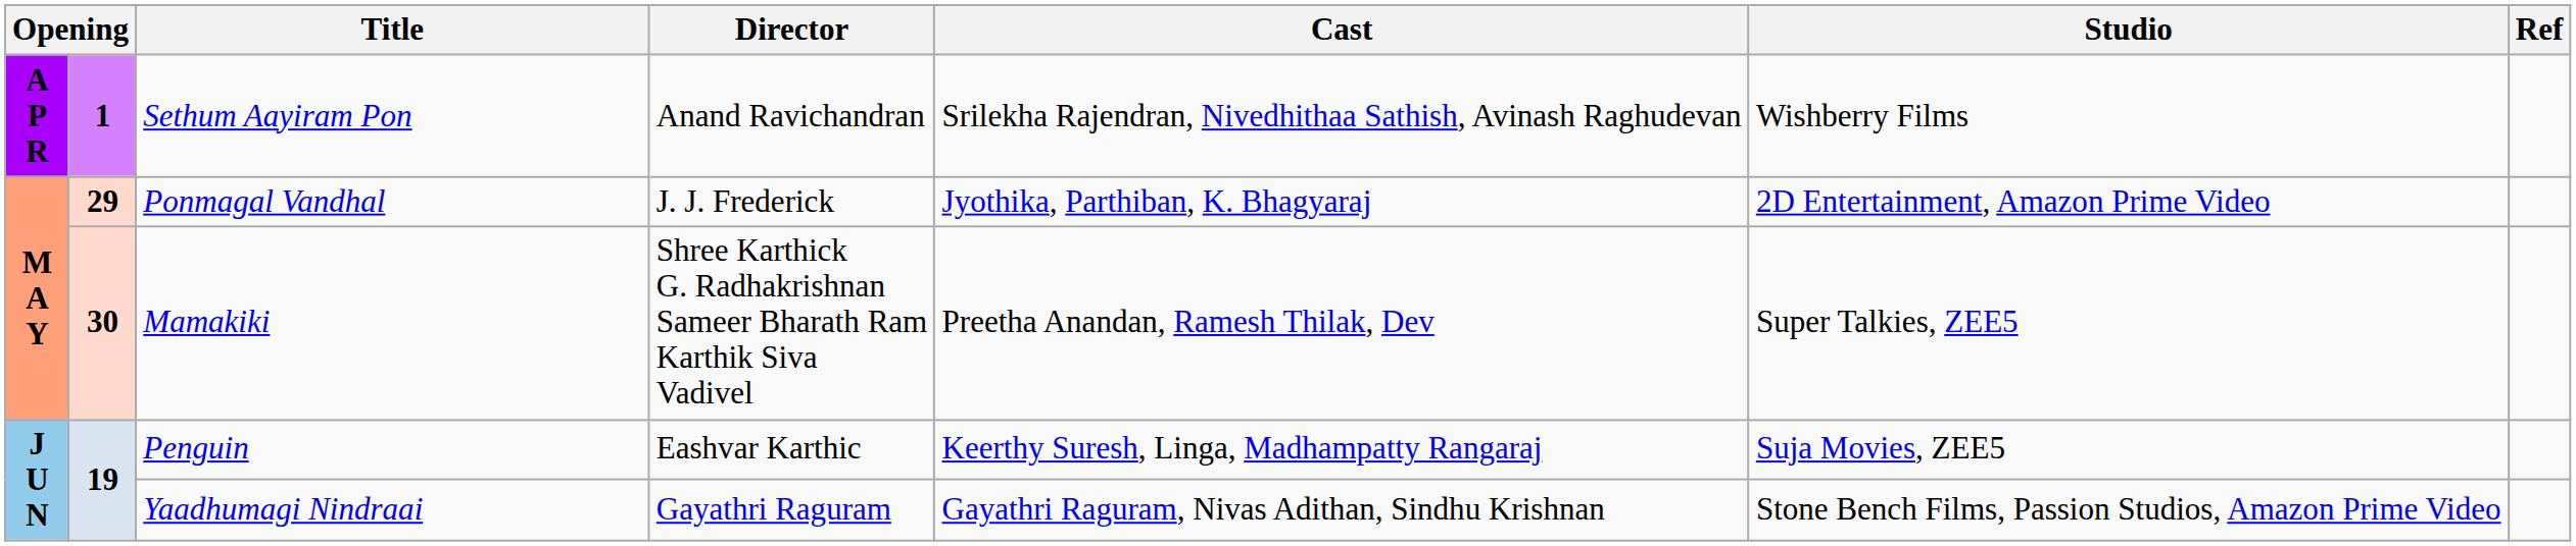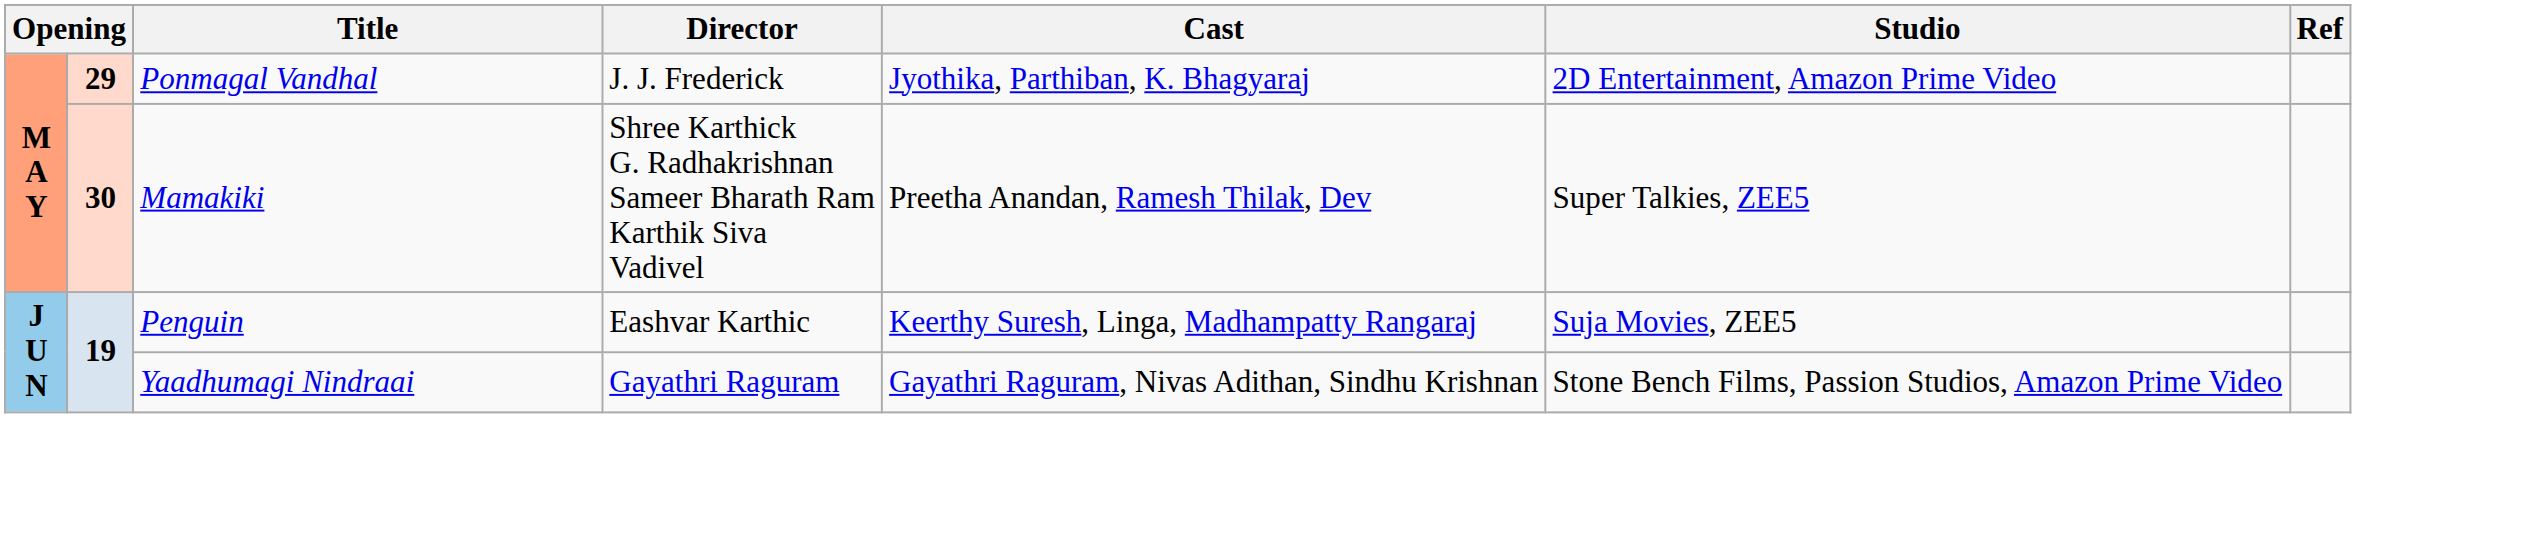 <table class="wikitable sortable">
 <tr>
 <th colspan="2">Opening</th>
 <th style="width:20%;">Title</th>
 <th>Director</th>
 <th>Cast</th>
 <th>Studio</th>
 <th>Ref</th>
-</tr>
-<tr>
-<td style="text-align:center; background:#aa00ff; textcolor:#d580ff;"><strong>A<br>P<br>R</strong></td>
-<td rowspan="1" style="text-align:center; background:#d580ff"><strong>1</strong></td>
-<td><em><a href='#'>Sethum Aayiram Pon</a></em></td>
-<td>Anand Ravichandran</td>
-<td>Srilekha Rajendran, <a href='#'>Nivedhithaa Sathish</a>, Avinash Raghudevan</td>
-<td>Wishberry Films</td>
-<td></td>
 </tr>
 <tr>
 <td rowspan="2" style="text-align:center; background:#ffa07a; textcolor:#d580ff;"><strong>M<br>A<br>Y</strong></td>
 <td rowspan="1" style="text-align:center; background:#ffdacc;"><strong>29</strong></td>
 <td><em><a href='#'>Ponmagal Vandhal</a></em></td>
 <td>J. J. Frederick</td>
 <td><a href='#'>Jyothika</a>, <a href='#'>Parthiban</a>, <a href='#'>K. Bhagyaraj</a></td>
 <td><a href='#'>2D Entertainment</a>, <a href='#'>Amazon Prime Video</a></td>
 <td></td>
 </tr>
 <tr>
 <td rowspan="1" style="text-align:center; background:#ffdacc;"><strong>30</strong></td>
 <td><em><a href='#'>Mamakiki</a></em></td>
 <td data-sort-value="Anthology">Shree Karthick<br>G. Radhakrishnan<br>Sameer Bharath Ram<br>Karthik Siva<br>Vadivel</td>
 <td>Preetha Anandan, <a href='#'>Ramesh Thilak</a>, <a href='#'>Dev</a></td>
 <td>Super Talkies, <a href='#'>ZEE5</a></td>
 <td></td>
 </tr>
 <tr>
 <td rowspan="2" style="text-align:center; background:#93CCEA; textcolor:#000;"><strong>J<br>U<br>N</strong></td>
 <td rowspan="2" style="text-align:center;background:#d9e4f1;"><strong>19</strong></td>
 <td><em><a href='#'>Penguin</a></em></td>
 <td>Eashvar Karthic</td>
 <td><a href='#'>Keerthy Suresh</a>, Linga, <a href='#'>Madhampatty Rangaraj</a></td>
 <td><a href='#'>Suja Movies</a>, ZEE5</td>
 <td></td>
 </tr>
 <tr>
 <td><em><a href='#'>Yaadhumagi Nindraai</a></em></td>
 <td><a href='#'>Gayathri Raguram</a></td>
 <td><a href='#'>Gayathri Raguram</a>, Nivas Adithan, Sindhu Krishnan</td>
 <td>Stone Bench Films, Passion Studios, <a href='#'>Amazon Prime Video</a></td>
 <td></td>
 </tr>
 </table>
